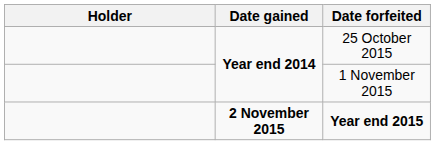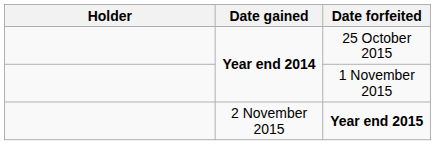 <table class="wikitable" style="font-size:95%">
 <tr>
 <th style="width:222px;">Holder</th>
 <th style="width:110px;">Date gained</th>
 <th style="width:110px;">Date forfeited</th>
 </tr>
 <tr>
 <td></td>
 <td style="text-align:center;" rowspan=2><strong>Year end 2014</strong></td>
 <td style="text-align:center;">25 October 2015</td>
 </tr>
 <tr>
 <td></td>
 <td style="text-align:center;">1 November 2015</td>
 </tr>
 <tr>
 <td></td>
-<td style="text-align:center;"><strong>2 November 2015</strong></td>
+<td style="text-align:center;">2 November 2015</td>
 <td style="text-align:center;"><strong>Year end 2015</strong></td>
 </tr>
 </table>
